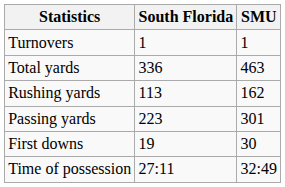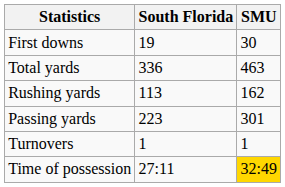 <table class="wikitable">
 <tr>
 <th>Statistics</th>
 <th>South Florida</th>
 <th>SMU</th>
 </tr>
 <tr>
-<td>Turnovers</td>
-<td>1</td>
-<td>1</td>
+<td>First downs</td>
+<td>19</td>
+<td>30</td>
 </tr>
 <tr>
 <td>Total yards</td>
 <td>336</td>
 <td>463</td>
 </tr>
 <tr>
 <td>Rushing yards</td>
 <td>113</td>
 <td>162</td>
 </tr>
 <tr>
 <td>Passing yards</td>
 <td>223</td>
 <td>301</td>
 </tr>
 <tr>
-<td>First downs</td>
-<td>19</td>
-<td>30</td>
+<td>Turnovers</td>
+<td>1</td>
+<td>1</td>
 </tr>
 <tr>
 <td>Time of possession</td>
 <td>27:11</td>
-<td>32:49</td>
+<td style="background: gold;">32:49</td>
 </tr>
 <tr>
 </tr>
 </table>
